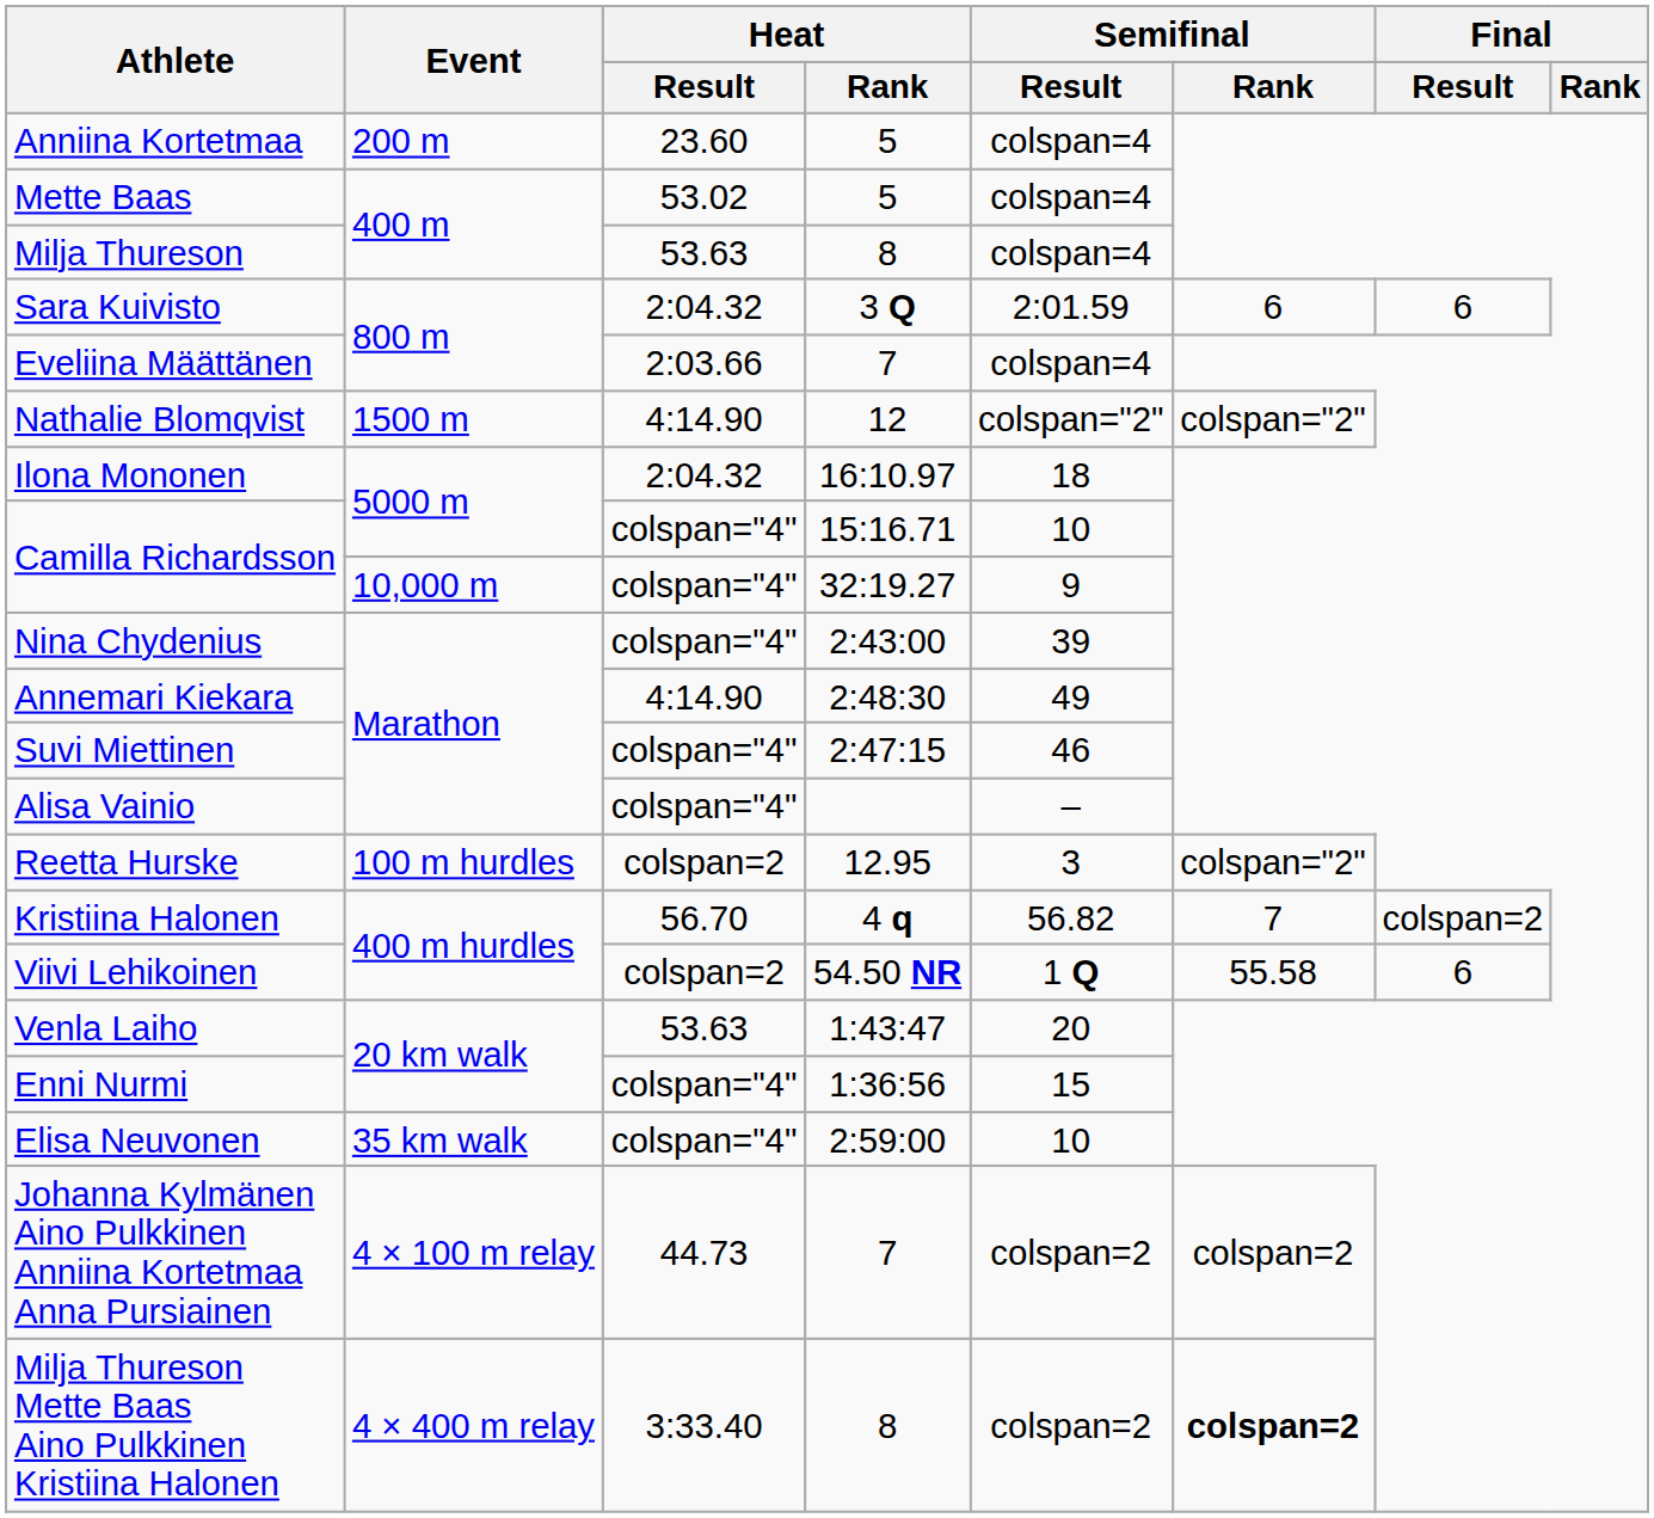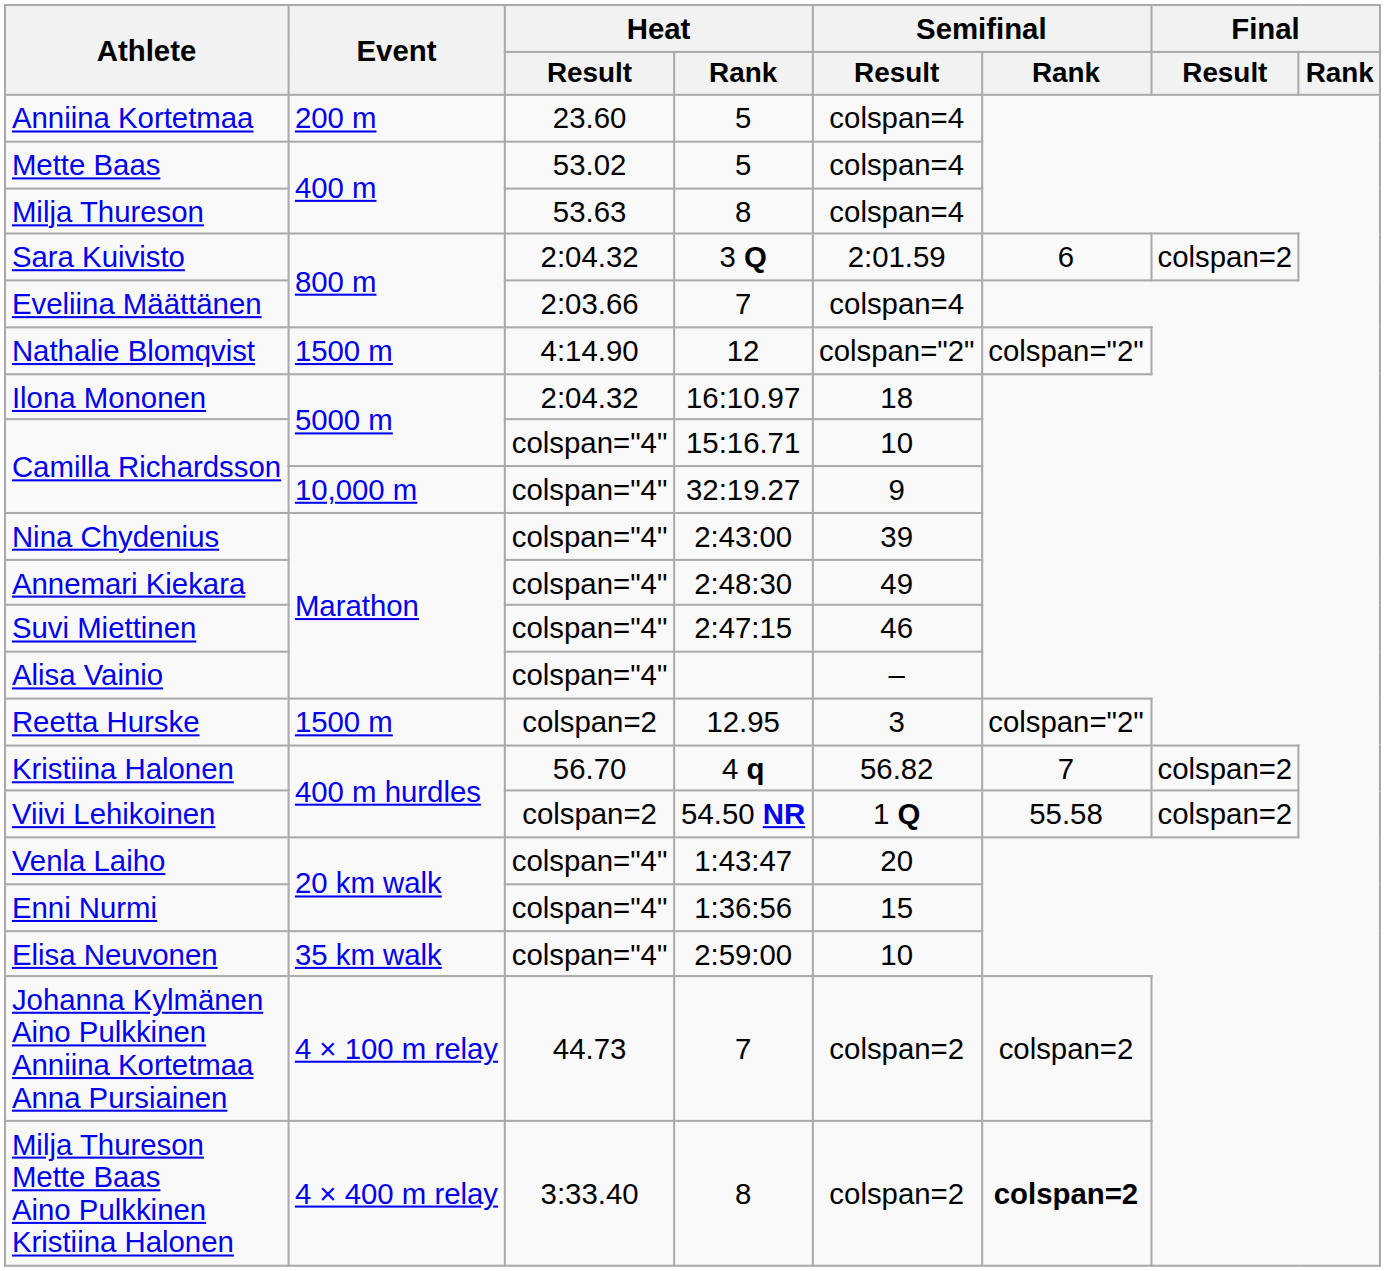 <table class="wikitable" style="font-size:90%">
 <tr>
 <th rowspan="2">Athlete</th>
 <th rowspan="2">Event</th>
 <th colspan="2">Heat</th>
 <th colspan="2">Semifinal</th>
 <th colspan="2">Final</th>
 </tr>
 <tr style="font-size:95%">
 <th>Result</th>
 <th>Rank</th>
 <th>Result</th>
 <th>Rank</th>
 <th>Result</th>
 <th>Rank</th>
 </tr>
 <tr align=center>
 <td align=left><a href='#'>Anniina Kortetmaa</a></td>
 <td align=left><a href='#'>200 m</a></td>
 <td>23.60</td>
 <td>5</td>
 <td>colspan=4 </td>
 </tr>
 <tr align=center>
 <td align=left><a href='#'>Mette Baas</a></td>
 <td align=left rowspan=2><a href='#'>400 m</a></td>
 <td>53.02</td>
 <td>5</td>
 <td>colspan=4 </td>
 </tr>
 <tr align=center>
 <td align=left><a href='#'>Milja Thureson</a></td>
 <td>53.63</td>
 <td>8</td>
 <td>colspan=4 </td>
 </tr>
 <tr align=center>
 <td align=left><a href='#'>Sara Kuivisto</a></td>
 <td align=left rowspan=2><a href='#'>800 m</a></td>
 <td>2:04.32</td>
 <td>3 <strong>Q</strong></td>
 <td>2:01.59 </td>
 <td>6</td>
-<td>6</td>
+<td>colspan=2 </td>
 </tr>
 <tr align=center>
 <td align=left><a href='#'>Eveliina Määttänen</a></td>
 <td>2:03.66</td>
 <td>7</td>
 <td>colspan=4 </td>
 </tr>
 <tr align=center>
 <td align=left><a href='#'>Nathalie Blomqvist</a></td>
 <td align=left><a href='#'>1500 m</a></td>
 <td>4:14.90</td>
 <td>12</td>
 <td>colspan="2" </td>
 <td>colspan="2" </td>
 </tr>
 <tr align=center>
 <td align=left><a href='#'>Ilona Mononen</a></td>
 <td align=left rowspan=2><a href='#'>5000 m</a></td>
 <td>2:04.32</td>
 <td>16:10.97</td>
 <td>18</td>
 </tr>
 <tr align=center>
 <td align=left rowspan=2><a href='#'>Camilla Richardsson</a></td>
 <td>colspan="4" </td>
 <td>15:16.71 </td>
 <td>10</td>
 </tr>
 <tr align=center>
 <td align=left><a href='#'>10,000 m</a></td>
 <td>colspan="4" </td>
 <td>32:19.27 </td>
 <td>9</td>
 </tr>
 <tr align=center>
 <td align=left><a href='#'>Nina Chydenius</a></td>
 <td align=left rowspan=4><a href='#'>Marathon</a></td>
 <td>colspan="4" </td>
 <td>2:43:00</td>
 <td>39</td>
 </tr>
 <tr align=center>
 <td align=left><a href='#'>Annemari Kiekara</a></td>
-<td>4:14.90</td>
+<td>colspan="4" </td>
 <td>2:48:30</td>
 <td>49</td>
 </tr>
 <tr align=center>
 <td align=left><a href='#'>Suvi Miettinen</a></td>
 <td>colspan="4" </td>
 <td>2:47:15</td>
 <td>46</td>
 </tr>
 <tr align=center>
 <td align=left><a href='#'>Alisa Vainio</a></td>
 <td>colspan="4" </td>
 <td></td>
 <td>–</td>
 </tr>
 <tr align=center>
 <td align=left><a href='#'>Reetta Hurske</a></td>
-<td align=left><a href='#'>100 m hurdles</a></td>
+<td align=left><a href='#'>1500 m</a></td>
 <td>colspan=2 </td>
 <td>12.95</td>
 <td>3</td>
 <td>colspan="2" </td>
 </tr>
 <tr align=center>
 <td align=left><a href='#'>Kristiina Halonen</a></td>
 <td rowspan="2" align=left><a href='#'>400 m hurdles</a></td>
 <td>56.70</td>
 <td>4 <strong>q</strong></td>
 <td>56.82</td>
 <td>7</td>
 <td>colspan=2 </td>
 </tr>
 <tr align=center>
 <td align=left><a href='#'>Viivi Lehikoinen</a></td>
 <td>colspan=2 </td>
 <td>54.50 <strong><a href='#'>NR</a></strong></td>
 <td>1 <strong>Q</strong></td>
 <td>55.58</td>
-<td>6</td>
+<td>colspan=2 </td>
 </tr>
 <tr align=center>
 <td align=left><a href='#'>Venla Laiho</a></td>
 <td align=left rowspan=2><a href='#'>20 km walk</a></td>
-<td>53.63</td>
+<td>colspan="4" </td>
 <td>1:43:47</td>
 <td>20</td>
 </tr>
 <tr align=center>
 <td align=left><a href='#'>Enni Nurmi</a></td>
 <td>colspan="4" </td>
 <td>1:36:56</td>
 <td>15</td>
 </tr>
 <tr align=center>
 <td align=left><a href='#'>Elisa Neuvonen</a></td>
 <td align=left><a href='#'>35 km walk</a></td>
 <td>colspan="4" </td>
 <td>2:59:00</td>
 <td>10</td>
 </tr>
 <tr align=center>
 <td align=left><a href='#'>Johanna Kylmänen</a><br><a href='#'>Aino Pulkkinen</a><br><a href='#'>Anniina Kortetmaa</a><br><a href='#'>Anna Pursiainen</a></td>
 <td align=left><a href='#'>4 × 100 m relay</a></td>
 <td>44.73</td>
 <td>7</td>
 <td>colspan=2 </td>
 <td>colspan=2 </td>
 </tr>
 <tr align=center>
 <td align=left><a href='#'>Milja Thureson</a><br><a href='#'>Mette Baas</a><br><a href='#'>Aino Pulkkinen</a><br><a href='#'>Kristiina Halonen</a></td>
 <td align=left><a href='#'>4 × 400 m relay</a></td>
 <td>3:33.40</td>
 <td>8</td>
 <td>colspan=2 </td>
 <td><strong>colspan=2 </strong></td>
 </tr>
 </table>
